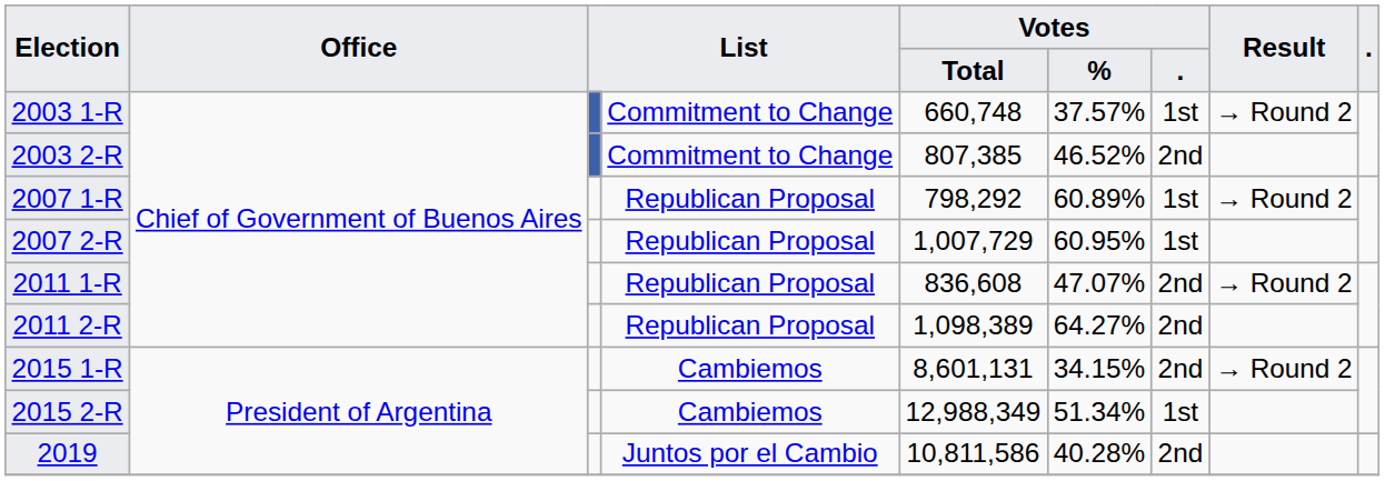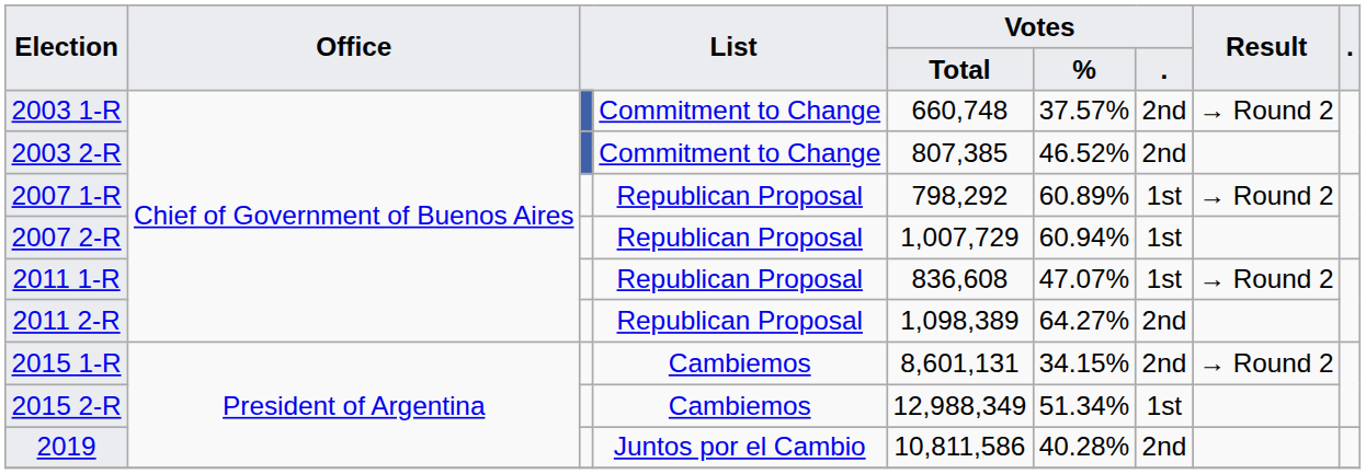 <table class="wikitable" style="font-size:90%; text-align:center;">
 <tr>
 <th style="background-color:#EAECF0;" rowspan=2>Election</th>
 <th style="background-color:#EAECF0;" rowspan=2>Office</th>
 <th style="background-color:#EAECF0;" colspan=2 rowspan=2>List</th>
 <th style="background-color:#EAECF0;" colspan=3>Votes</th>
 <th style="background-color:#EAECF0;" rowspan=2>Result</th>
 <th style="background-color:#EAECF0;" rowspan=2>.</th>
 </tr>
 <tr>
 <th style="background-color:#EAECF0;">Total</th>
 <th style="background-color:#EAECF0;">%</th>
 <th style="background-color:#EAECF0;">.</th>
 </tr>
 <tr>
 <td style="background-color:#EAECF0;"><a href='#'>2003 1-R</a></td>
 <td rowspan="6"><a href='#'>Chief of Government of Buenos Aires</a></td>
 <td style="background-color:#3E5FA9;"></td>
 <td><a href='#'>Commitment to Change</a></td>
 <td>660,748</td>
 <td>37.57%</td>
-<td>1st</td>
+<td>2nd</td>
 <td>→ Round 2</td>
 <td rowspan="2"></td>
 </tr>
 <tr>
 <td style="background-color:#EAECF0;"><a href='#'>2003 2-R</a></td>
 <td style="background-color:#3E5FA9;"></td>
 <td><a href='#'>Commitment to Change</a></td>
 <td>807,385</td>
 <td>46.52%</td>
 <td>2nd</td>
 <td></td>
 </tr>
 <tr>
 <td style="background-color:#EAECF0;"><a href='#'>2007 1-R</a></td>
 <td style="background-color:"></td>
 <td><a href='#'>Republican Proposal</a></td>
 <td>798,292</td>
 <td>60.89%</td>
 <td>1st</td>
 <td>→ Round 2</td>
 <td rowspan="2"></td>
 </tr>
 <tr>
 <td style="background-color:#EAECF0;"><a href='#'>2007 2-R</a></td>
 <td style="background-color:"></td>
 <td><a href='#'>Republican Proposal</a></td>
 <td>1,007,729</td>
-<td>60.95%</td>
+<td>60.94%</td>
 <td>1st</td>
 <td></td>
 </tr>
 <tr>
 <td style="background-color:#EAECF0;"><a href='#'>2011 1-R</a></td>
 <td style="background-color:"></td>
 <td><a href='#'>Republican Proposal</a></td>
 <td>836,608</td>
 <td>47.07%</td>
-<td>2nd</td>
+<td>1st</td>
 <td>→ Round 2</td>
 <td rowspan="2"></td>
 </tr>
 <tr>
 <td style="background-color:#EAECF0;"><a href='#'>2011 2-R</a></td>
 <td style="background-color:"></td>
 <td><a href='#'>Republican Proposal</a></td>
 <td>1,098,389</td>
 <td>64.27%</td>
 <td>2nd</td>
 <td></td>
 </tr>
 <tr>
 <td style="background-color:#EAECF0;"><a href='#'>2015 1-R</a></td>
 <td rowspan="3"><a href='#'>President of Argentina</a></td>
 <td style="background-color:"></td>
 <td><a href='#'>Cambiemos</a></td>
 <td>8,601,131</td>
 <td>34.15%</td>
 <td>2nd</td>
 <td>→ Round 2</td>
 <td rowspan="2"></td>
 </tr>
 <tr>
 <td style="background-color:#EAECF0;"><a href='#'>2015 2-R</a></td>
 <td style="background-color:"></td>
 <td><a href='#'>Cambiemos</a></td>
 <td>12,988,349</td>
 <td>51.34%</td>
 <td>1st</td>
 <td></td>
 </tr>
 <tr>
 <td style="background-color:#EAECF0;"><a href='#'>2019</a></td>
 <td style="background-color:"></td>
 <td><a href='#'>Juntos por el Cambio</a></td>
 <td>10,811,586</td>
 <td>40.28%</td>
 <td>2nd</td>
 <td></td>
 <td></td>
 </tr>
 <tr>
 </tr>
 </table>
